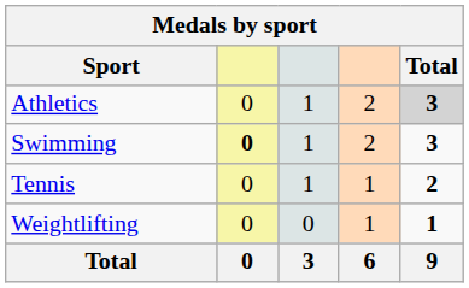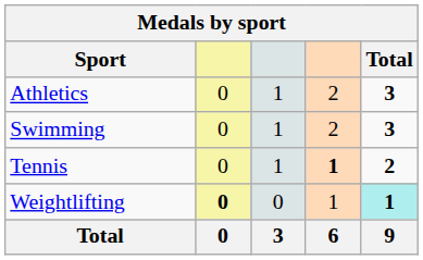 <table class="wikitable" style="font-size:90%; text-align:center;">
 <tr>
 <th colspan=5>Medals by sport</th>
 </tr>
 <tr>
 <th width=120>Sport</th>
 <th scope="col" width=30 style="background:#F7F6A8;"></th>
 <th scope="col" width=30 style="background:#DCE5E5;"></th>
 <th scope="col" width=30 style="background:#FFDAB9;"></th>
 <th width=30>Total</th>
 </tr>
 <tr>
 <td align=left><a href='#'>Athletics</a></td>
 <td style="background:#F7F6A8;">0</td>
 <td style="background:#DCE5E5;">1</td>
 <td style="background:#FFDAB9;">2</td>
-<td style="background: lightgrey;"><strong>3</strong></td>
+<td><strong>3</strong></td>
 </tr>
 <tr>
 <td align=left><a href='#'>Swimming</a></td>
-<td style="background:#F7F6A8;"><strong>0</strong></td>
+<td style="background:#F7F6A8;">0</td>
 <td style="background:#DCE5E5;">1</td>
 <td style="background:#FFDAB9;">2</td>
 <td><strong>3</strong></td>
 </tr>
 <tr>
 <td align=left><a href='#'>Tennis</a></td>
 <td style="background:#F7F6A8;">0</td>
 <td style="background:#DCE5E5;">1</td>
-<td style="background:#FFDAB9;">1</td>
+<td style="background:#FFDAB9;"><strong>1</strong></td>
 <td><strong>2</strong></td>
 </tr>
 <tr>
 <td align=left><a href='#'>Weightlifting</a></td>
-<td style="background:#F7F6A8;">0</td>
+<td style="background:#F7F6A8;"><strong>0</strong></td>
 <td style="background:#DCE5E5;">0</td>
 <td style="background:#FFDAB9;">1</td>
-<td><strong>1</strong></td>
+<td style="background: paleturquoise;"><strong>1</strong></td>
 </tr>
 <tr class="sortbottom">
 <th>Total</th>
 <th>0</th>
 <th>3</th>
 <th>6</th>
 <th>9</th>
 </tr>
 </table>
